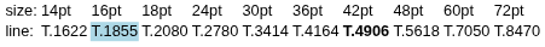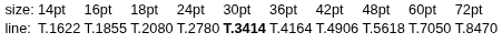 <table style="margin-left:40px;">
 <tr>
 <td>size:</td>
 <td>14pt</td>
 <td>16pt</td>
 <td>18pt</td>
 <td>24pt</td>
 <td>30pt</td>
 <td>36pt</td>
 <td>42pt</td>
 <td>48pt</td>
 <td>60pt</td>
 <td>72pt</td>
 </tr>
 <tr>
 <td>line:</td>
 <td>T.1622</td>
-<td style="background: lightblue;">T.1855</td>
+<td>T.1855</td>
 <td>T.2080</td>
 <td>T.2780</td>
-<td>T.3414</td>
+<td><strong>T.3414</strong></td>
 <td>T.4164</td>
-<td><strong>T.4906</strong></td>
+<td>T.4906</td>
 <td>T.5618</td>
 <td>T.7050</td>
 <td>T.8470</td>
 </tr>
 </table>
